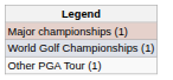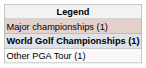 <table class="wikitable" style="font-size:95%;">
 <tr>
 <th>Legend</th>
 </tr>
 <tr style="background:#e5d1cb;">
 <td>Major championships  (1)</td>
 </tr>
 <tr style="background:#dfe2e9;">
-<td>World Golf Championships (1)</td>
+<td><strong>World Golf Championships (1)</strong></td>
 </tr>
 <tr>
 <td>Other PGA Tour (1)</td>
 </tr>
 </table>
